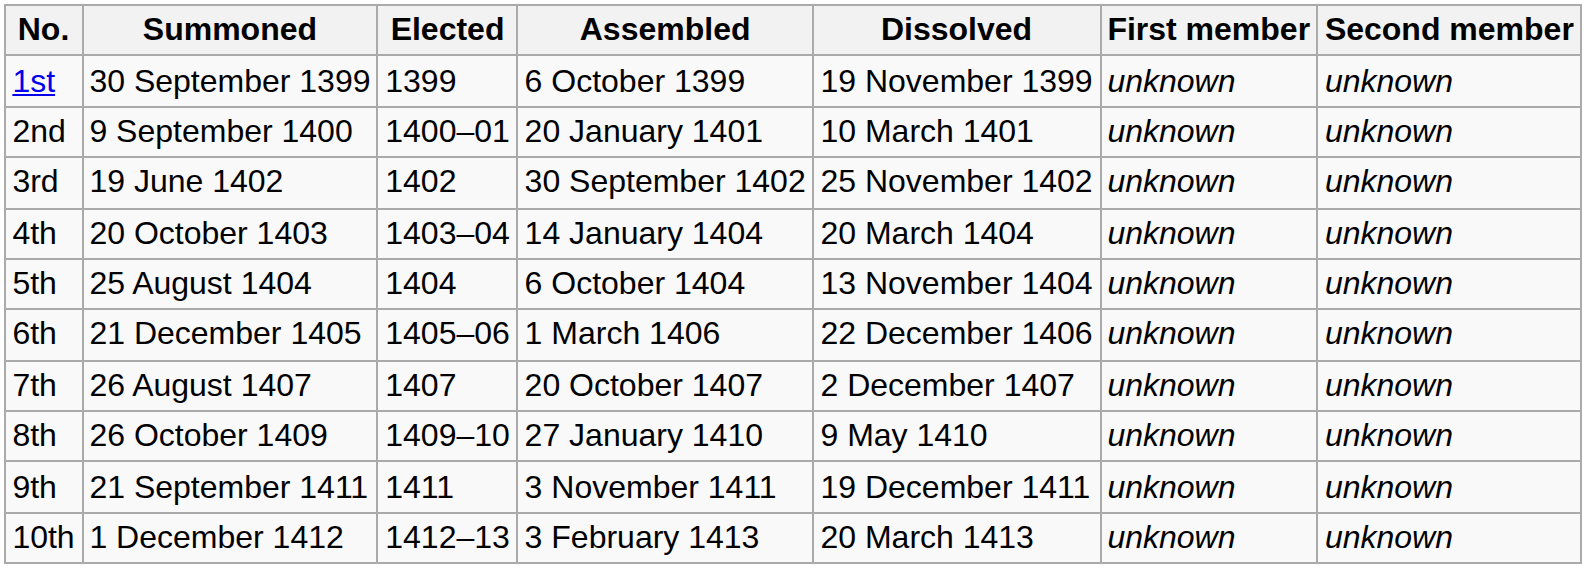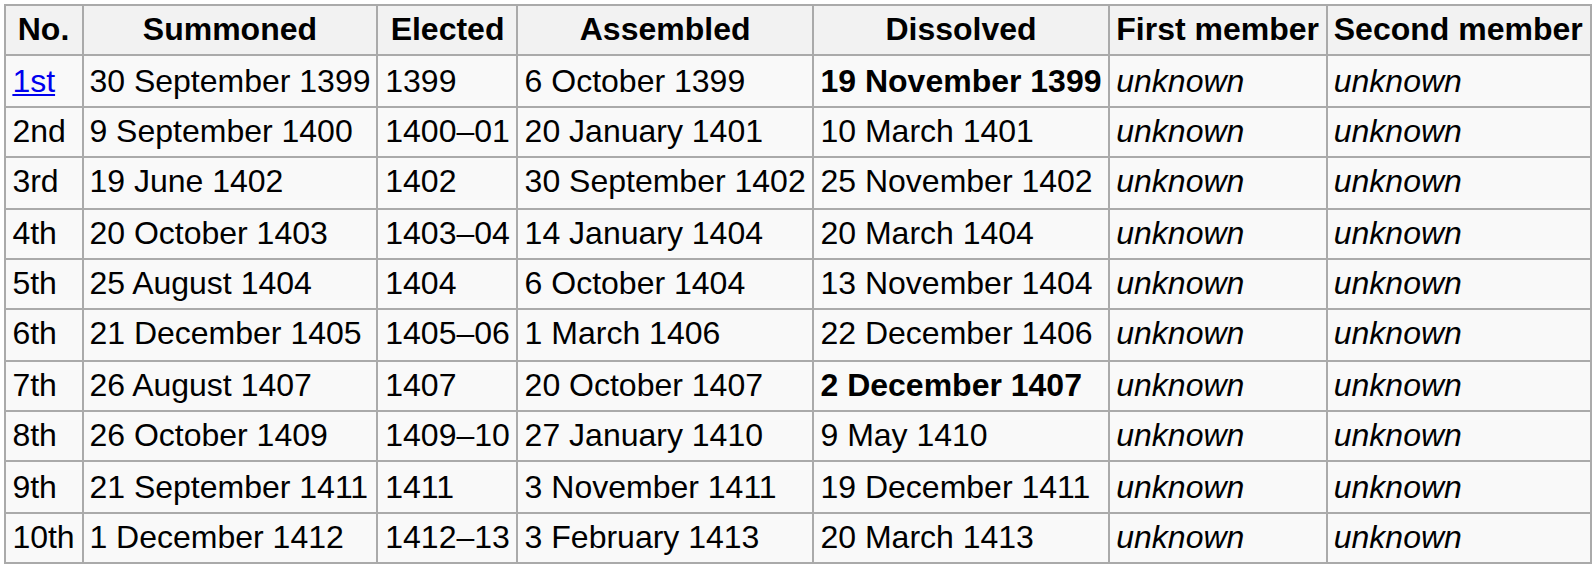 <table class="wikitable">
 <tr>
 <th>No.</th>
 <th>Summoned</th>
 <th>Elected</th>
 <th>Assembled</th>
 <th>Dissolved</th>
 <th>First member</th>
 <th>Second member</th>
 </tr>
 <tr>
 <td><a href='#'>1st</a></td>
 <td>30 September 1399</td>
 <td>1399</td>
 <td>6 October 1399</td>
-<td>19 November 1399</td>
+<td><strong>19 November 1399</strong></td>
 <td><em>unknown</em></td>
 <td><em>unknown</em></td>
 </tr>
 <tr>
 <td>2nd</td>
 <td>9 September 1400</td>
 <td>1400–01</td>
 <td>20 January 1401</td>
 <td>10 March 1401</td>
 <td><em>unknown</em></td>
 <td><em>unknown</em></td>
 </tr>
 <tr>
 <td>3rd</td>
 <td>19 June 1402</td>
 <td>1402</td>
 <td>30 September 1402</td>
 <td>25 November 1402</td>
 <td><em>unknown</em></td>
 <td><em>unknown</em></td>
 </tr>
 <tr>
 <td>4th</td>
 <td>20 October 1403</td>
 <td>1403–04</td>
 <td>14 January 1404</td>
 <td>20 March 1404</td>
 <td><em>unknown</em></td>
 <td><em>unknown</em></td>
 </tr>
 <tr>
 <td>5th</td>
 <td>25 August 1404</td>
 <td>1404</td>
 <td>6 October 1404</td>
 <td>13 November 1404</td>
 <td><em>unknown</em></td>
 <td><em>unknown</em></td>
 </tr>
 <tr>
 <td>6th</td>
 <td>21 December 1405</td>
 <td>1405–06</td>
 <td>1 March 1406</td>
 <td>22 December 1406</td>
 <td><em>unknown</em></td>
 <td><em>unknown</em></td>
 </tr>
 <tr>
 <td>7th</td>
 <td>26 August 1407</td>
 <td>1407</td>
 <td>20 October 1407</td>
-<td>2 December 1407</td>
+<td><strong>2 December 1407</strong></td>
 <td><em>unknown</em></td>
 <td><em>unknown</em></td>
 </tr>
 <tr>
 <td>8th</td>
 <td>26 October 1409</td>
 <td>1409–10</td>
 <td>27 January 1410</td>
 <td>9 May 1410</td>
 <td><em>unknown</em></td>
 <td><em>unknown</em></td>
 </tr>
 <tr>
 <td>9th</td>
 <td>21 September 1411</td>
 <td>1411</td>
 <td>3 November 1411</td>
 <td>19 December 1411</td>
 <td><em>unknown</em></td>
 <td><em>unknown</em></td>
 </tr>
 <tr>
 <td>10th</td>
 <td>1 December 1412</td>
 <td>1412–13</td>
 <td>3 February 1413</td>
 <td>20 March 1413</td>
 <td><em>unknown</em></td>
 <td><em>unknown</em></td>
 </tr>
 <tr>
 </tr>
 </table>
